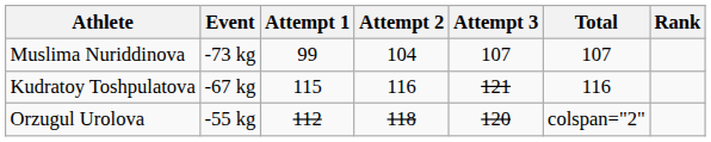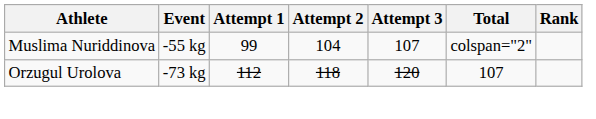 <table class="wikitable" style="text-align:center; font-size:90%">
 <tr>
 <th>Athlete</th>
 <th>Event</th>
 <th>Attempt 1</th>
 <th>Attempt 2</th>
 <th>Attempt 3</th>
 <th>Total</th>
 <th>Rank</th>
 </tr>
 <tr>
 <td align="left">Muslima Nuriddinova</td>
-<td>-73 kg</td>
+<td>-55 kg</td>
 <td>99</td>
 <td>104</td>
 <td>107</td>
-<td>107</td>
-<td></td>
-</tr>
-<tr>
-<td align="left">Kudratoy Toshpulatova</td>
-<td>-67 kg</td>
-<td>115</td>
-<td>116</td>
-<td><s>121</s></td>
-<td>116</td>
+<td>colspan="2" </td>
 <td></td>
 </tr>
 <tr>
 <td align="left">Orzugul Urolova</td>
-<td>-55 kg</td>
+<td>-73 kg</td>
 <td><s>112</s></td>
 <td><s>118</s></td>
 <td><s>120</s></td>
-<td>colspan="2" </td>
+<td>107</td>
 </tr>
 </table>
